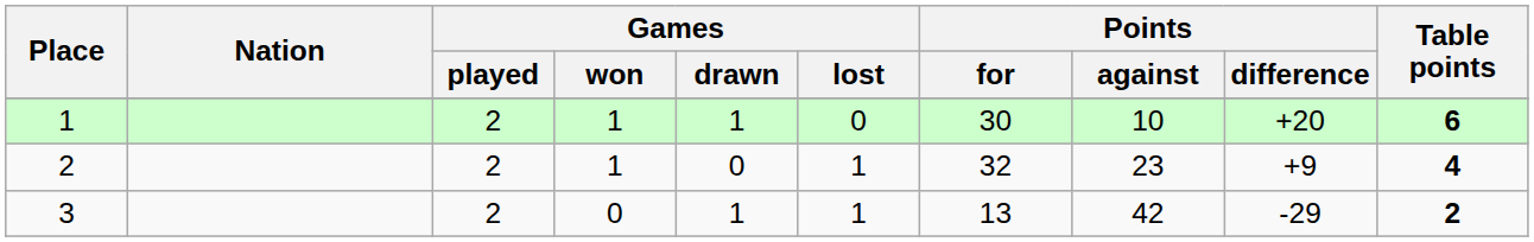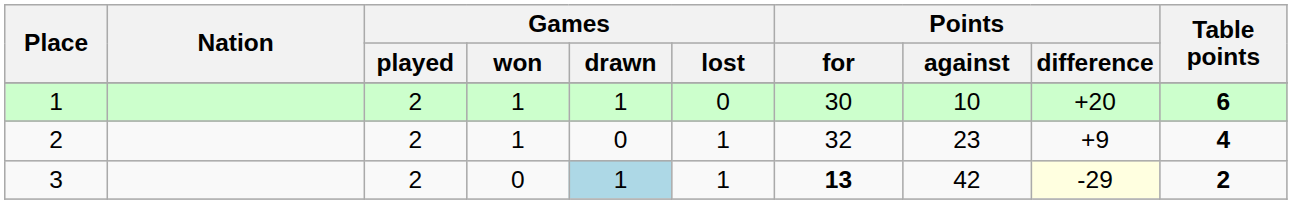 <table class="wikitable">
 <tr>
 <th rowspan=2 width="8%">Place</th>
 <th rowspan=2 width="20%">Nation</th>
 <th colspan=4 width="32%">Games</th>
 <th colspan=3 width="30%">Points</th>
 <th rowspan=2 width="10%">Table<br>points</th>
 </tr>
 <tr>
 <th width="8%">played</th>
 <th width="8%">won</th>
 <th width="8%">drawn</th>
 <th width="8%">lost</th>
 <th width="10%">for</th>
 <th width="10%">against</th>
 <th width="10%">difference</th>
 </tr>
 <tr>
 </tr>
 <tr bgcolor=#ccffcc align=center>
 <td>1</td>
 <td align=left></td>
 <td>2</td>
 <td>1</td>
 <td>1</td>
 <td>0</td>
 <td>30</td>
 <td>10</td>
 <td>+20</td>
 <td><strong>6</strong></td>
 </tr>
 <tr align=center>
 <td>2</td>
 <td align=left></td>
 <td>2</td>
 <td>1</td>
 <td>0</td>
 <td>1</td>
 <td>32</td>
 <td>23</td>
 <td>+9</td>
 <td><strong>4</strong></td>
 </tr>
 <tr align=center>
 <td>3</td>
 <td align=left></td>
 <td>2</td>
 <td>0</td>
+<td style="background: lightblue;">1</td>
 <td>1</td>
-<td>1</td>
-<td>13</td>
+<td><strong>13</strong></td>
 <td>42</td>
-<td>-29</td>
+<td style="background: lightyellow;">-29</td>
 <td><strong>2</strong></td>
 </tr>
 </table>
